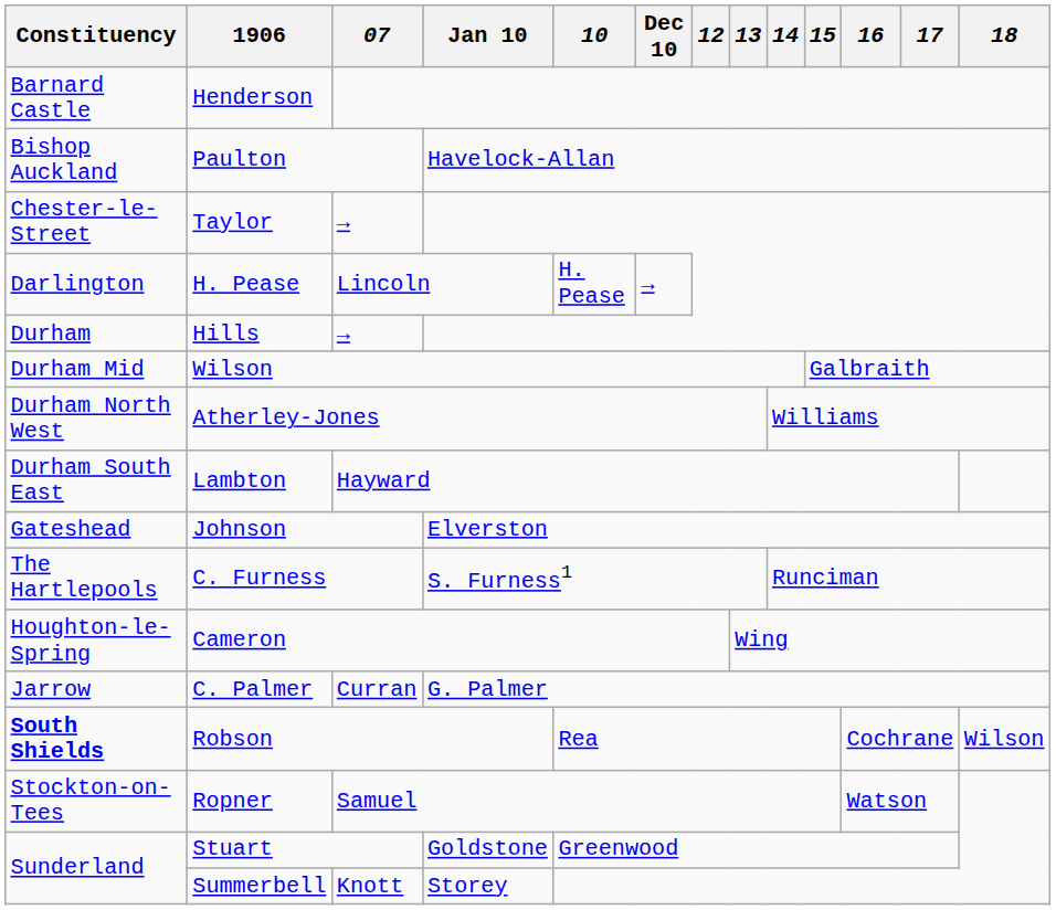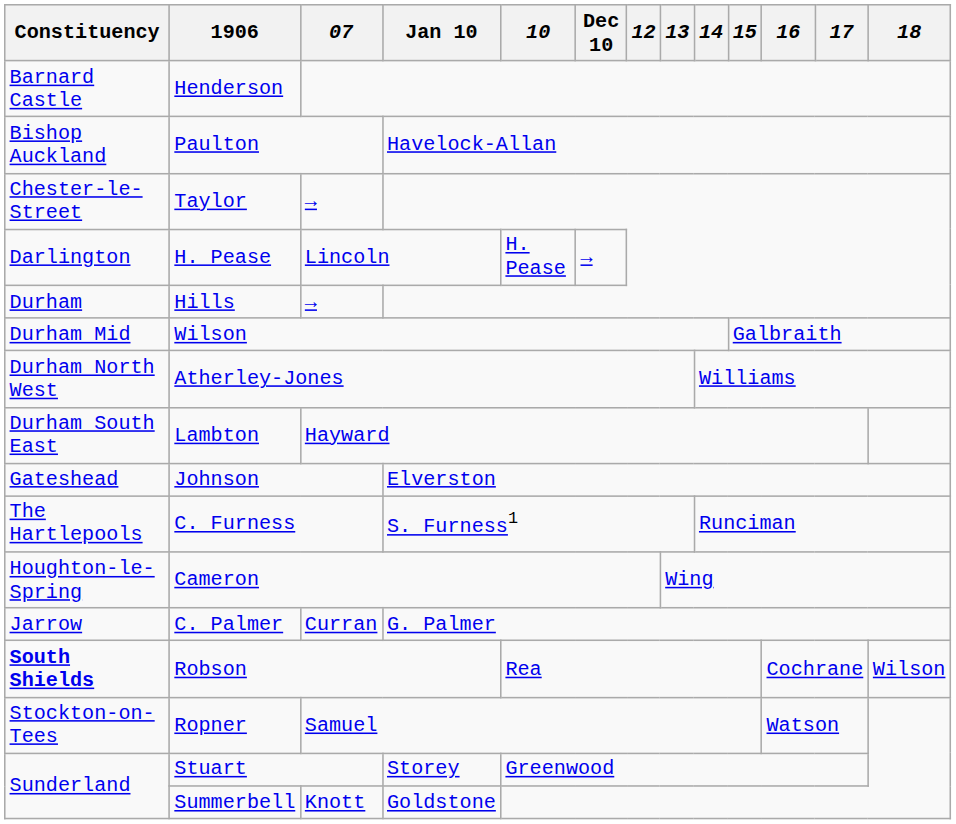 <table class="wikitable">
 <tr>
 <th>Constituency</th>
 <th>1906</th>
 <th><em>07</em></th>
 <th>Jan 10</th>
 <th><em>10</em></th>
 <th>Dec 10</th>
 <th><em>12</em></th>
 <th><em>13</em></th>
 <th><em>14</em></th>
 <th><em>15</em></th>
 <th><em>16</em></th>
 <th><em>17</em></th>
 <th><em>18</em></th>
 </tr>
 <tr>
 <td><a href='#'>Barnard Castle</a></td>
 <td><a href='#'>Henderson</a></td>
 </tr>
 <tr>
 <td><a href='#'>Bishop Auckland</a></td>
 <td colspan="2"><a href='#'>Paulton</a></td>
 <td colspan="10"><a href='#'>Havelock-Allan</a></td>
 </tr>
 <tr>
 <td><a href='#'>Chester-le-Street</a></td>
 <td><a href='#'>Taylor</a></td>
 <td><a href='#'>→</a></td>
 </tr>
 <tr>
 <td><a href='#'>Darlington</a></td>
 <td><a href='#'>H. Pease</a></td>
 <td colspan="2"><a href='#'>Lincoln</a></td>
 <td><a href='#'>H. Pease</a></td>
 <td><a href='#'>→</a></td>
 </tr>
 <tr>
 <td><a href='#'>Durham</a></td>
 <td><a href='#'>Hills</a></td>
 <td><a href='#'>→</a></td>
 </tr>
 <tr>
 <td><a href='#'>Durham Mid</a></td>
 <td colspan="8"><a href='#'>Wilson</a></td>
 <td colspan="4"><a href='#'>Galbraith</a></td>
 </tr>
 <tr>
 <td><a href='#'>Durham North West</a></td>
 <td colspan="7"><a href='#'>Atherley-Jones</a></td>
 <td colspan="5"><a href='#'>Williams</a></td>
 </tr>
 <tr>
 <td><a href='#'>Durham South East</a></td>
 <td><a href='#'>Lambton</a></td>
 <td colspan="10"><a href='#'>Hayward</a></td>
 </tr>
 <tr>
 <td><a href='#'>Gateshead</a></td>
 <td colspan="2"><a href='#'>Johnson</a></td>
 <td colspan="10"><a href='#'>Elverston</a></td>
 </tr>
 <tr>
 <td><a href='#'>The Hartlepools</a></td>
 <td colspan="2"><a href='#'>C. Furness</a></td>
 <td colspan="5"><a href='#'>S. Furness</a><sup>1</sup></td>
 <td colspan="5"><a href='#'>Runciman</a></td>
 </tr>
 <tr>
 <td><a href='#'>Houghton-le-Spring</a></td>
 <td colspan="6"><a href='#'>Cameron</a></td>
 <td colspan="6"><a href='#'>Wing</a></td>
 </tr>
 <tr>
 <td><a href='#'>Jarrow</a></td>
 <td><a href='#'>C. Palmer</a></td>
 <td><a href='#'>Curran</a></td>
 <td colspan="10"><a href='#'>G. Palmer</a></td>
 </tr>
 <tr>
 <td><strong><a href='#'>South Shields</a></strong></td>
 <td colspan="3"><a href='#'>Robson</a></td>
 <td colspan="6"><a href='#'>Rea</a></td>
 <td colspan="2"><a href='#'>Cochrane</a></td>
 <td><a href='#'>Wilson</a></td>
 </tr>
 <tr>
 <td><a href='#'>Stockton-on-Tees</a></td>
 <td><a href='#'>Ropner</a></td>
 <td colspan="8"><a href='#'>Samuel</a></td>
 <td colspan="2"><a href='#'>Watson</a></td>
 </tr>
 <tr>
 <td rowspan="2"><a href='#'>Sunderland</a></td>
 <td colspan="2"><a href='#'>Stuart</a></td>
-<td><a href='#'>Goldstone</a></td>
+<td><a href='#'>Storey</a></td>
 <td colspan="8"><a href='#'>Greenwood</a></td>
 </tr>
 <tr>
 <td><a href='#'>Summerbell</a></td>
 <td><a href='#'>Knott</a></td>
-<td><a href='#'>Storey</a></td>
+<td><a href='#'>Goldstone</a></td>
 </tr>
 </table>
